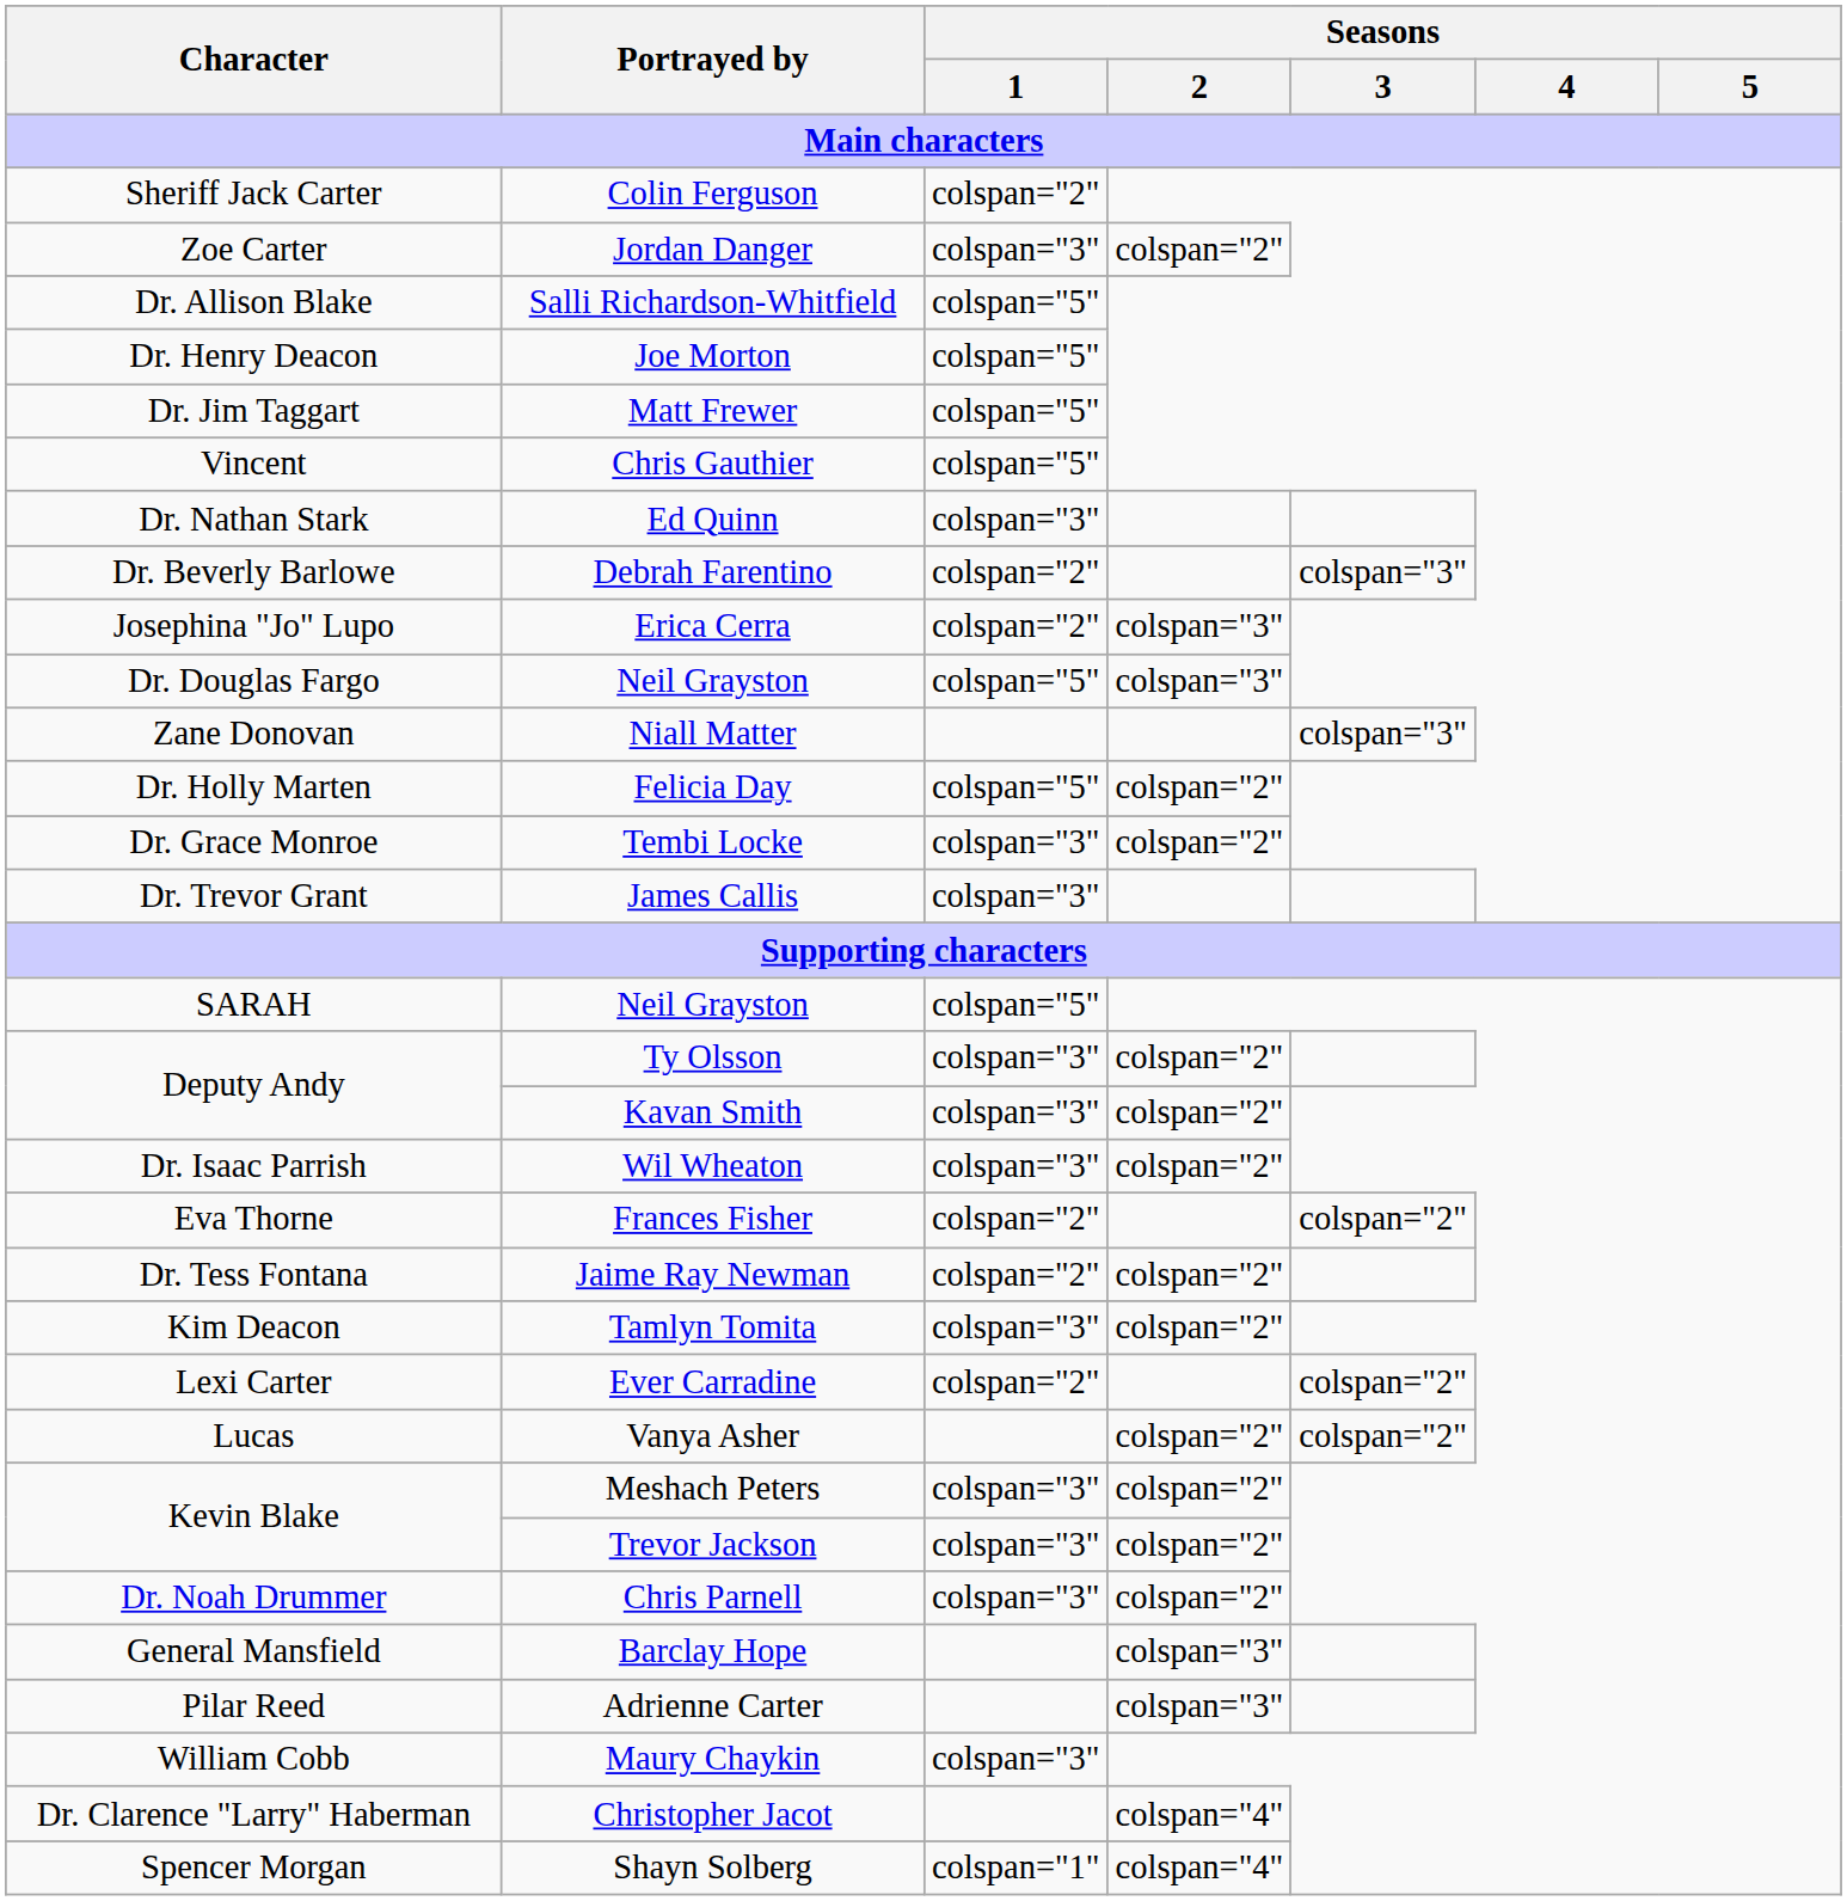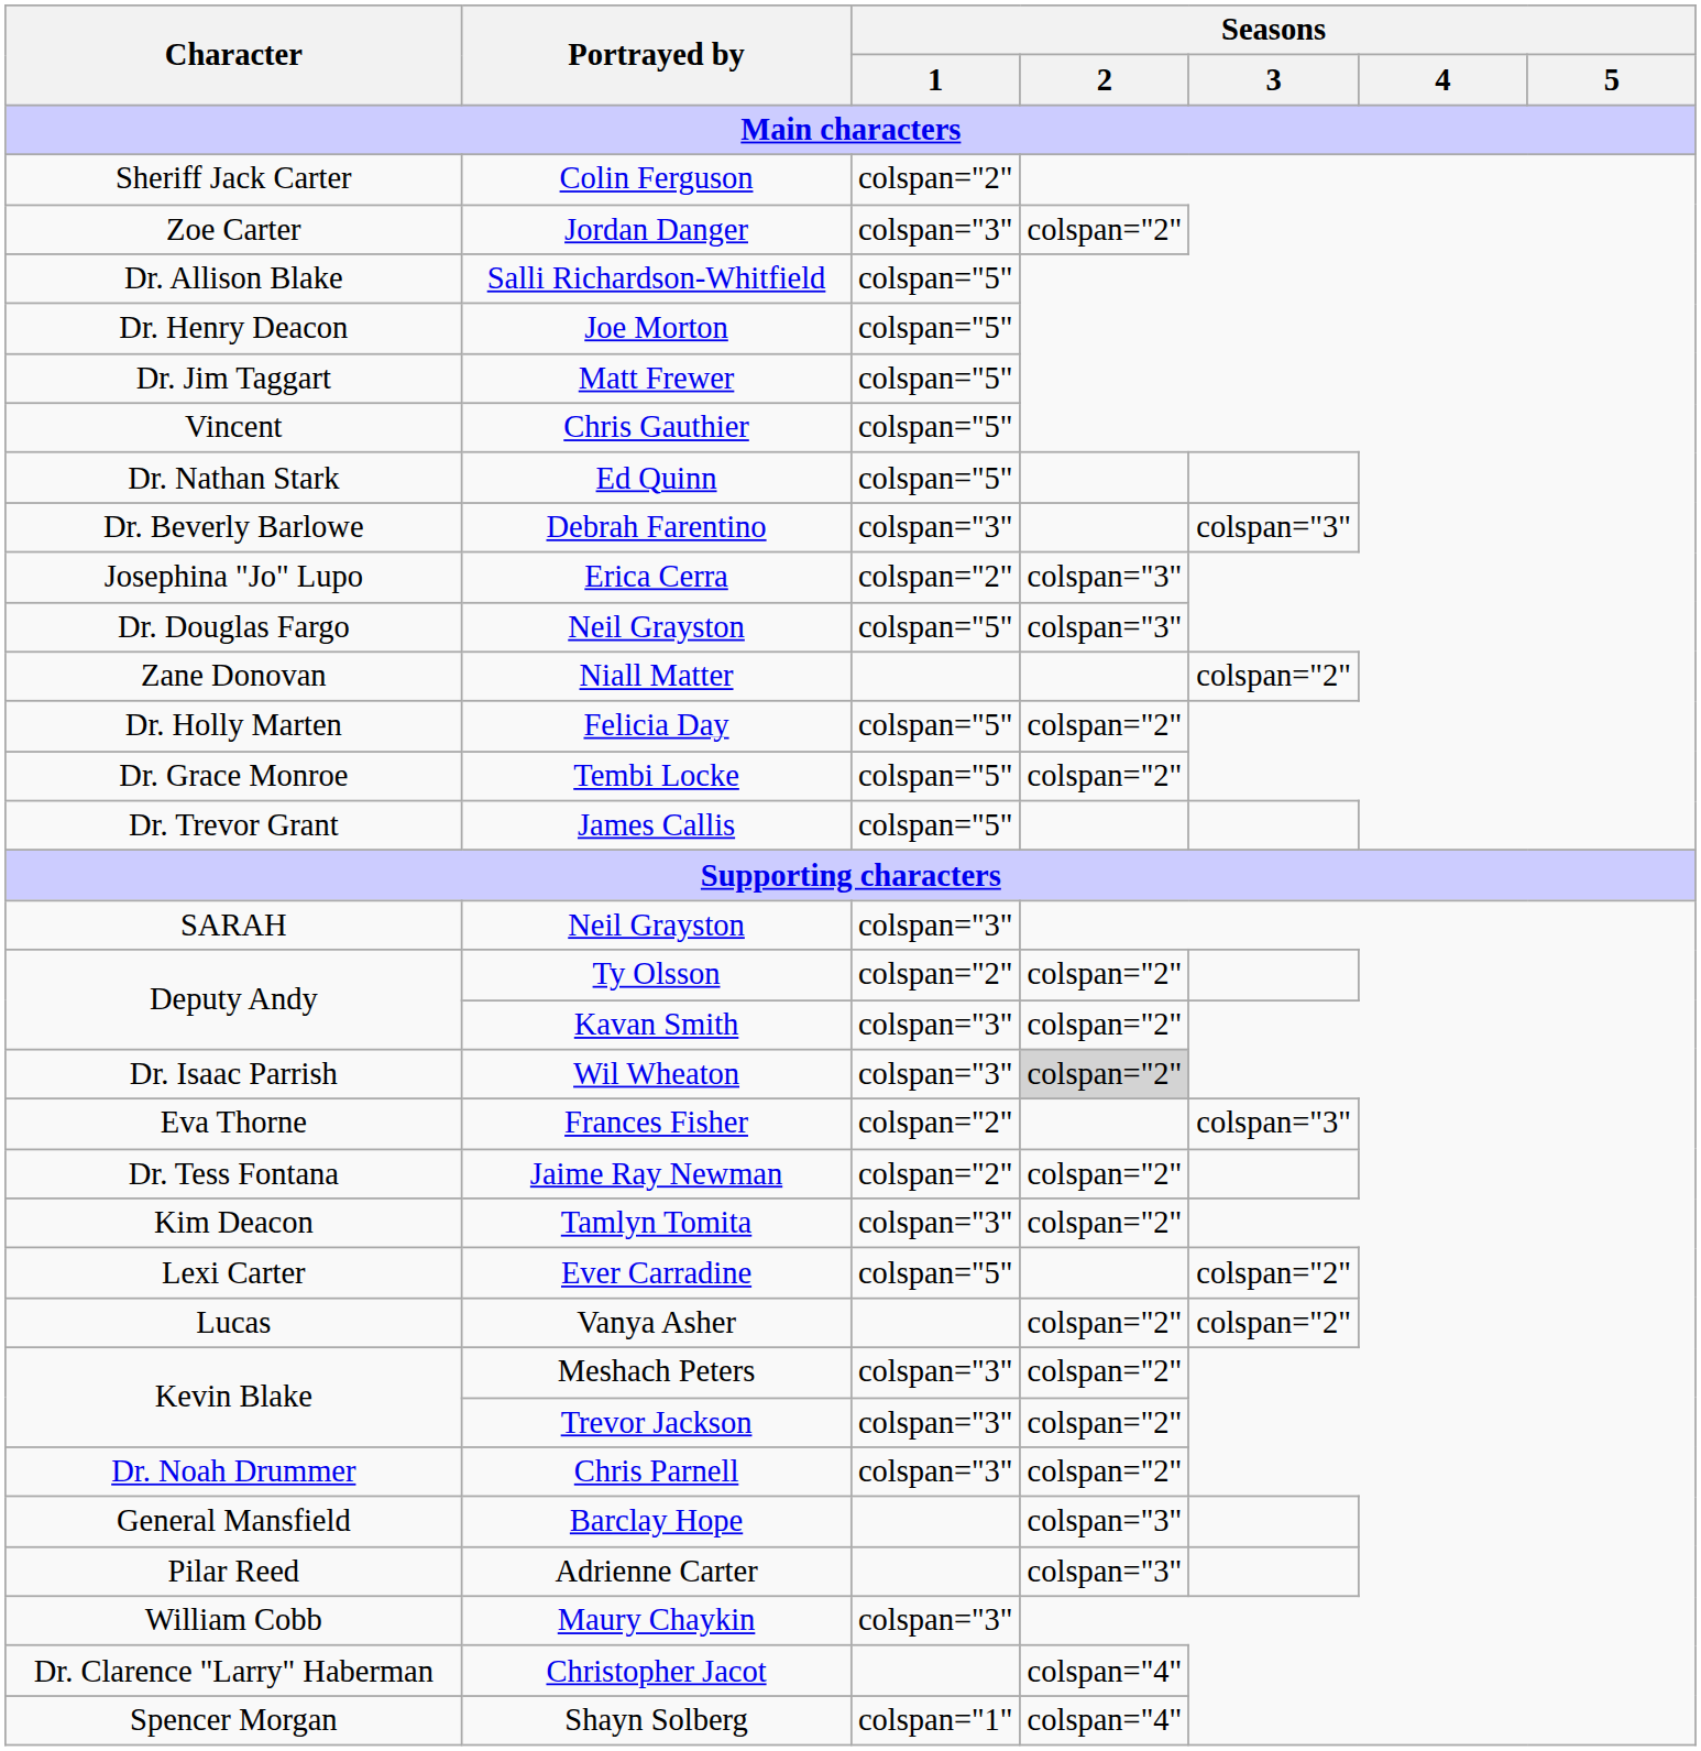 <table class="wikitable plainrowheaders" style="text-align:center">
 <tr>
 <th scope="col" rowspan="2">Character</th>
 <th scope="col" rowspan="2">Portrayed by</th>
 <th scope="col" colspan="5">Seasons</th>
 </tr>
 <tr>
 <th width="10%">1</th>
 <th width="10%">2</th>
 <th width="10%">3</th>
 <th width="10%">4</th>
 <th width="10%">5</th>
 </tr>
 <tr>
 <th colspan="7" style="background:#ccf;"><a href='#'>Main characters</a></th>
 </tr>
 <tr>
 <td scope="row">Sheriff Jack Carter</td>
 <td><a href='#'>Colin Ferguson</a></td>
 <td>colspan="2" </td>
 </tr>
 <tr>
 <td scope="row">Zoe Carter</td>
 <td><a href='#'>Jordan Danger</a></td>
 <td>colspan="3" </td>
 <td>colspan="2" </td>
 </tr>
 <tr>
 <td scope="row">Dr. Allison Blake</td>
 <td><a href='#'>Salli Richardson-Whitfield</a></td>
 <td>colspan="5" </td>
 </tr>
 <tr>
 <td scope="row">Dr. Henry Deacon</td>
 <td><a href='#'>Joe Morton</a></td>
 <td>colspan="5" </td>
 </tr>
 <tr>
 <td scope="row">Dr. Jim Taggart</td>
 <td><a href='#'>Matt Frewer</a></td>
 <td>colspan="5" </td>
 </tr>
 <tr>
 <td scope="row">Vincent</td>
 <td><a href='#'>Chris Gauthier</a></td>
 <td>colspan="5" </td>
 </tr>
 <tr>
 <td scope="row">Dr. Nathan Stark</td>
 <td><a href='#'>Ed Quinn</a></td>
-<td>colspan="3" </td>
+<td>colspan="5" </td>
 <td></td>
 <td></td>
 </tr>
 <tr>
 <td scope="row">Dr. Beverly Barlowe</td>
 <td><a href='#'>Debrah Farentino</a></td>
-<td>colspan="2" </td>
+<td>colspan="3" </td>
 <td></td>
 <td>colspan="3" </td>
 </tr>
 <tr>
 <td scope="row">Josephina "Jo" Lupo</td>
 <td><a href='#'>Erica Cerra</a></td>
 <td>colspan="2" </td>
 <td>colspan="3" </td>
 </tr>
 <tr>
 <td scope="row">Dr. Douglas Fargo</td>
 <td><a href='#'>Neil Grayston</a></td>
 <td>colspan="5" </td>
 <td>colspan="3" </td>
 </tr>
 <tr>
 <td scope="row">Zane Donovan</td>
 <td><a href='#'>Niall Matter</a></td>
 <td></td>
 <td></td>
-<td>colspan="3" </td>
+<td>colspan="2" </td>
 </tr>
 <tr>
 <td scope="row">Dr. Holly Marten</td>
 <td><a href='#'>Felicia Day</a></td>
 <td>colspan="5" </td>
 <td>colspan="2" </td>
 </tr>
 <tr>
 <td scope="row">Dr. Grace Monroe</td>
 <td><a href='#'>Tembi Locke</a></td>
-<td>colspan="3" </td>
+<td>colspan="5" </td>
 <td>colspan="2" </td>
 </tr>
 <tr>
 <td scope="row">Dr. Trevor Grant</td>
 <td><a href='#'>James Callis</a></td>
-<td>colspan="3" </td>
+<td>colspan="5" </td>
 <td></td>
 <td></td>
 </tr>
 <tr>
 <th colspan="10" style="background:#ccf;"><a href='#'>Supporting characters</a></th>
 </tr>
 <tr>
 <td scope="row">SARAH</td>
 <td><a href='#'>Neil Grayston</a></td>
-<td>colspan="5" </td>
+<td>colspan="3" </td>
 </tr>
 <tr>
 <td rowspan="2" scope="row">Deputy Andy</td>
 <td><a href='#'>Ty Olsson</a></td>
-<td>colspan="3" </td>
+<td>colspan="2" </td>
 <td>colspan="2" </td>
 <td></td>
 </tr>
 <tr>
 <td><a href='#'>Kavan Smith</a></td>
 <td>colspan="3" </td>
 <td>colspan="2" </td>
 </tr>
 <tr>
 <td scope="row">Dr. Isaac Parrish</td>
 <td><a href='#'>Wil Wheaton</a></td>
 <td>colspan="3" </td>
-<td>colspan="2" </td>
+<td style="background: lightgrey;">colspan="2" </td>
 </tr>
 <tr>
 <td scope="row">Eva Thorne</td>
 <td><a href='#'>Frances Fisher</a></td>
 <td>colspan="2" </td>
 <td></td>
-<td>colspan="2" </td>
+<td>colspan="3" </td>
 </tr>
 <tr>
 <td scope="row">Dr. Tess Fontana</td>
 <td><a href='#'>Jaime Ray Newman</a></td>
 <td>colspan="2" </td>
 <td>colspan="2" </td>
 <td></td>
 </tr>
 <tr>
 <td scope="row">Kim Deacon</td>
 <td><a href='#'>Tamlyn Tomita</a></td>
 <td>colspan="3" </td>
 <td>colspan="2" </td>
 </tr>
 <tr>
 <td scope="row">Lexi Carter</td>
 <td><a href='#'>Ever Carradine</a></td>
-<td>colspan="2" </td>
+<td>colspan="5" </td>
 <td></td>
 <td>colspan="2" </td>
 </tr>
 <tr>
 <td scope="row">Lucas</td>
 <td>Vanya Asher</td>
 <td></td>
 <td>colspan="2" </td>
 <td>colspan="2" </td>
 </tr>
 <tr>
 <td rowspan="2" scope="row">Kevin Blake</td>
 <td>Meshach Peters</td>
 <td>colspan="3" </td>
 <td>colspan="2" </td>
 </tr>
 <tr>
 <td><a href='#'>Trevor Jackson</a></td>
 <td>colspan="3" </td>
 <td>colspan="2" </td>
 </tr>
 <tr>
 <td scope="row"><a href='#'>Dr. Noah Drummer</a></td>
 <td><a href='#'>Chris Parnell</a></td>
 <td>colspan="3" </td>
 <td>colspan="2" </td>
 </tr>
 <tr>
 <td scope="row">General Mansfield</td>
 <td><a href='#'>Barclay Hope</a></td>
 <td></td>
 <td>colspan="3" </td>
 <td></td>
 </tr>
 <tr>
 <td scope="row">Pilar Reed</td>
 <td>Adrienne Carter</td>
 <td></td>
 <td>colspan="3" </td>
 <td></td>
 </tr>
 <tr>
 <td scope="row">William Cobb</td>
 <td><a href='#'>Maury Chaykin</a></td>
 <td>colspan="3" </td>
 </tr>
 <tr>
 <td scope="row">Dr. Clarence "Larry" Haberman</td>
 <td><a href='#'>Christopher Jacot</a></td>
 <td></td>
 <td>colspan="4" </td>
 </tr>
 <tr>
 <td scope="row">Spencer Morgan</td>
 <td>Shayn Solberg</td>
 <td>colspan="1" </td>
 <td>colspan="4" </td>
 </tr>
 </table>
